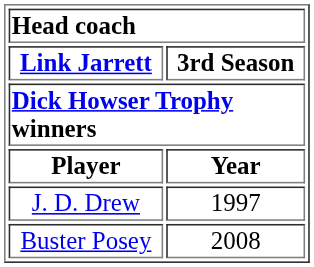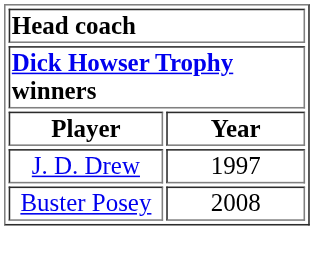 <table style="float: left;" border="1">
 <tr>
 <td colspan="2"><strong>Head coach</strong></td>
-</tr>
-<tr>
-<td style="text-align: center;"><strong><a href='#'>Link Jarrett</a></strong></td>
-<td style="text-align: center;"><strong>3rd Season</strong></td>
 </tr>
 <tr>
 <td colspan="2"><strong><a href='#'>Dick Howser Trophy</a> winners</strong></td>
 </tr>
 <tr>
 <th style="width:95px; ">Player</th>
 <th style="width:85px; ">Year</th>
 </tr>
 <tr align=center>
 <td><a href='#'>J. D. Drew</a></td>
 <td>1997</td>
 </tr>
 <tr align=center>
 <td><a href='#'>Buster Posey</a></td>
 <td>2008</td>
 </tr>
 </table>
